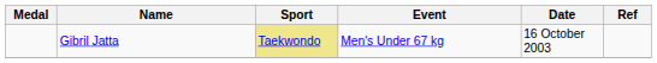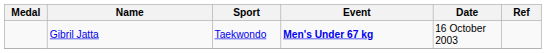 <table class="wikitable sortable" style="font-size:100%">
 <tr>
 <th width="60">Medal</th>
 <th width="250">Name</th>
 <th width="100">Sport</th>
 <th width="230">Event</th>
 <th width="100">Date</th>
 <th width="55">Ref</th>
 </tr>
 <tr>
 <td></td>
 <td><a href='#'>Gibril Jatta</a></td>
-<td style="background: khaki;"><a href='#'>Taekwondo</a></td>
-<td><a href='#'> Men's Under 67 kg</a></td>
+<td><a href='#'>Taekwondo</a></td>
+<td><strong><a href='#'> Men's Under 67 kg</a></strong></td>
 <td>16 October 2003</td>
 <td></td>
 </tr>
 <tr>
 </tr>
 </table>
